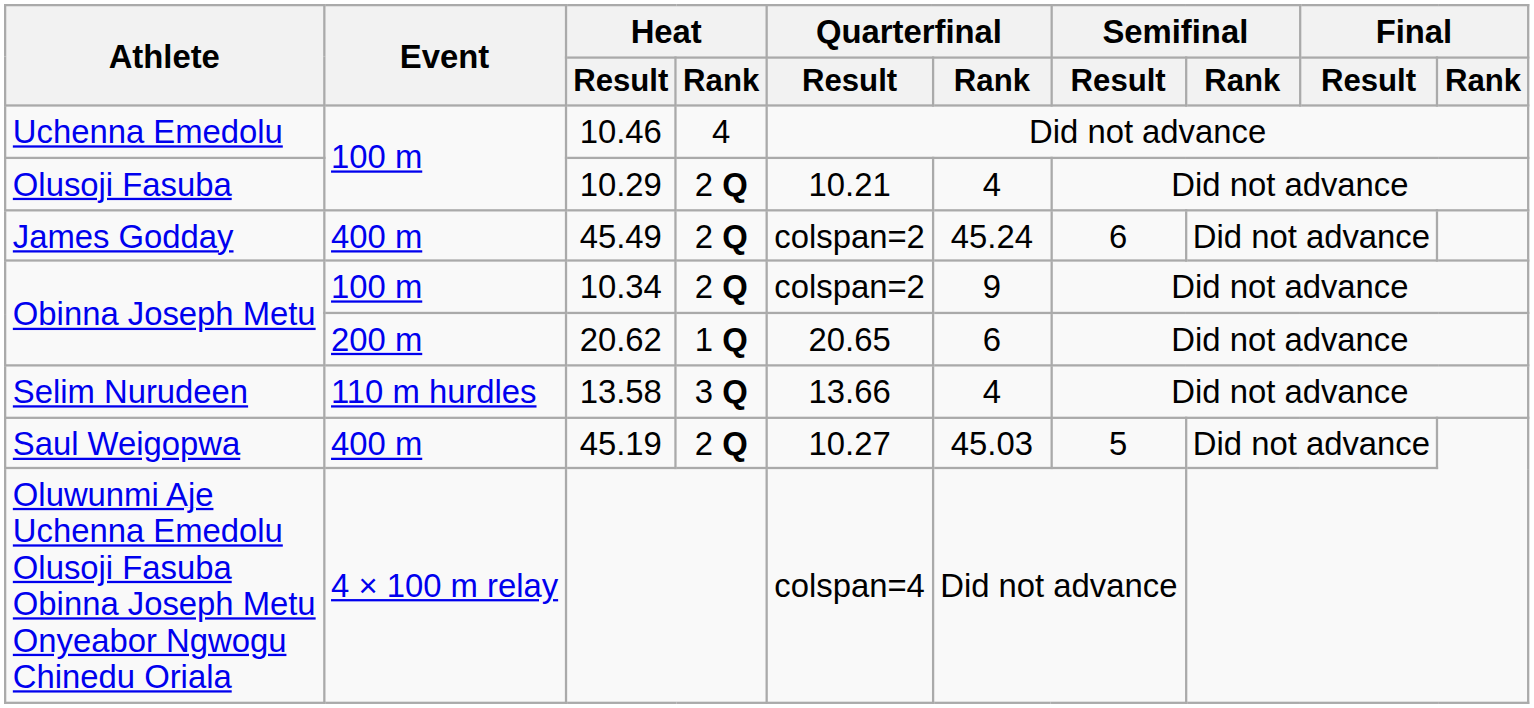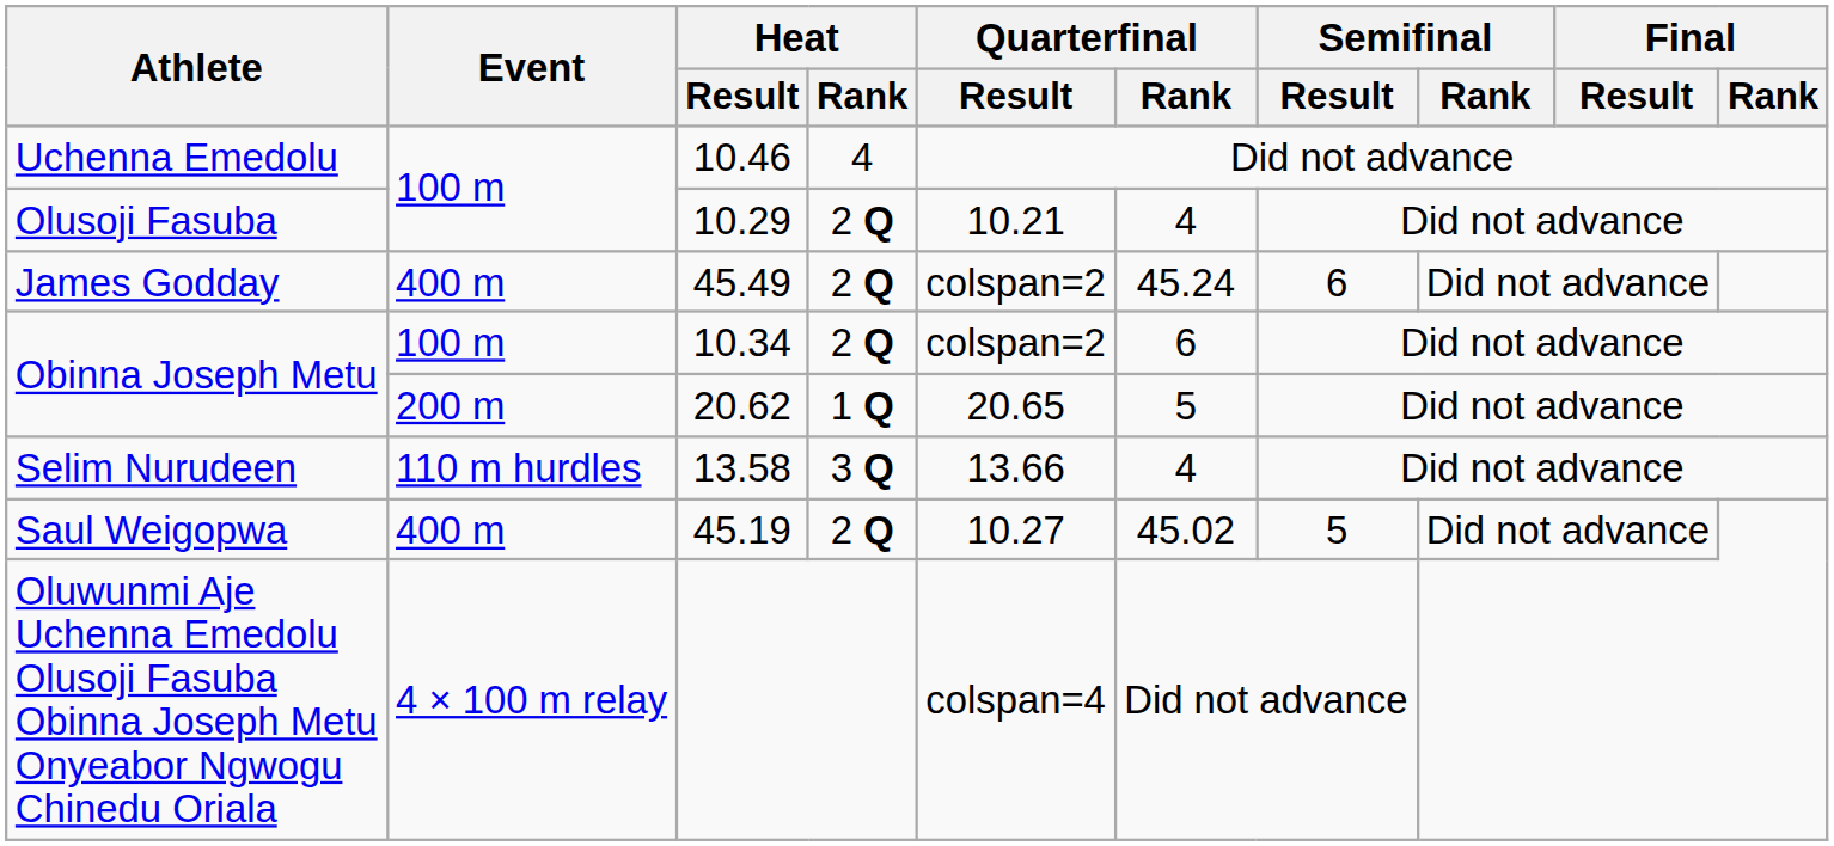 <table class=wikitable style="font-size:90%">
 <tr>
 <th rowspan="2">Athlete</th>
 <th rowspan="2">Event</th>
 <th colspan="2">Heat</th>
 <th colspan="2">Quarterfinal</th>
 <th colspan="2">Semifinal</th>
 <th colspan="2">Final</th>
 </tr>
 <tr style="font-size:95%">
 <th>Result</th>
 <th>Rank</th>
 <th>Result</th>
 <th>Rank</th>
 <th>Result</th>
 <th>Rank</th>
 <th>Result</th>
 <th>Rank</th>
 </tr>
 <tr align=center>
 <td align=left><a href='#'>Uchenna Emedolu</a></td>
 <td align=left rowspan=2><a href='#'>100 m</a></td>
 <td>10.46</td>
 <td>4</td>
 <td colspan=6>Did not advance</td>
 </tr>
 <tr align=center>
 <td align=left><a href='#'>Olusoji Fasuba</a></td>
 <td>10.29</td>
 <td>2 <strong>Q</strong></td>
 <td>10.21</td>
 <td>4</td>
 <td colspan=4>Did not advance</td>
 </tr>
 <tr align=center>
 <td align=left><a href='#'>James Godday</a></td>
 <td align=left><a href='#'>400 m</a></td>
 <td>45.49</td>
 <td>2 <strong>Q</strong></td>
 <td>colspan=2 </td>
 <td>45.24</td>
 <td>6</td>
 <td colspan=2>Did not advance</td>
 </tr>
 <tr align=center>
 <td align=left rowspan=2><a href='#'>Obinna Joseph Metu</a></td>
 <td align=left><a href='#'>100 m</a></td>
 <td>10.34</td>
 <td>2 <strong>Q</strong></td>
 <td>colspan=2 </td>
-<td>9</td>
+<td>6</td>
 <td colspan=4>Did not advance</td>
 </tr>
 <tr align=center>
 <td align=left><a href='#'>200 m</a></td>
 <td>20.62</td>
 <td>1 <strong>Q</strong></td>
 <td>20.65</td>
-<td>6</td>
+<td>5</td>
 <td colspan=4>Did not advance</td>
 </tr>
 <tr align=center>
 <td align=left><a href='#'>Selim Nurudeen</a></td>
 <td align=left><a href='#'>110 m hurdles</a></td>
 <td>13.58</td>
 <td>3 <strong>Q</strong></td>
 <td>13.66</td>
 <td>4</td>
 <td colspan=4>Did not advance</td>
 </tr>
 <tr align=center>
 <td align=left><a href='#'>Saul Weigopwa</a></td>
 <td align=left><a href='#'>400 m</a></td>
 <td>45.19</td>
 <td>2 <strong>Q</strong></td>
 <td>10.27</td>
-<td>45.03</td>
+<td>45.02</td>
 <td>5</td>
 <td colspan=2>Did not advance</td>
 </tr>
 <tr align=center>
 <td align=left><a href='#'>Oluwunmi Aje</a><br><a href='#'>Uchenna Emedolu</a><br><a href='#'>Olusoji Fasuba</a><br><a href='#'>Obinna Joseph Metu</a><br><a href='#'>Onyeabor Ngwogu</a><br><a href='#'>Chinedu Oriala</a></td>
 <td align=left><a href='#'>4 × 100 m relay</a></td>
 <td colspan=2></td>
 <td>colspan=4 </td>
 <td colspan=2>Did not advance</td>
 </tr>
 </table>
